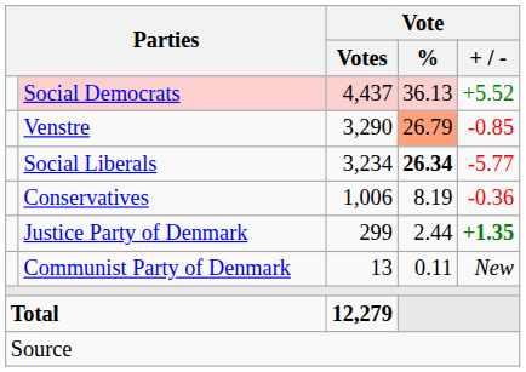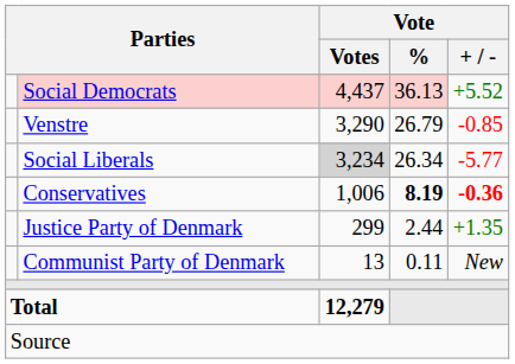 <table class="wikitable" style="text-align:right;">
 <tr>
 <th style="text-align:centre;" rowspan="2" colspan="2" width="225">Parties</th>
 <th colspan="3">Vote</th>
 </tr>
 <tr>
 <th width="15">Votes</th>
 <th width="15">%</th>
 <th width="15">+ / -</th>
 </tr>
 <tr>
 <td width="2" style="color:inherit;background:"></td>
 <td bgcolor=#fbd0ce  align="left"><a href='#'>Social Democrats</a></td>
 <td bgcolor=#fbd0ce>4,437</td>
 <td bgcolor=#fbd0ce>36.13</td>
 <td style=color:green;>+5.52</td>
 </tr>
 <tr>
 <td width="2" style="color:inherit;background:"></td>
 <td align="left"><a href='#'>Venstre</a></td>
 <td>3,290</td>
-<td style="background: lightsalmon;">26.79</td>
+<td>26.79</td>
 <td style=color:red;>-0.85</td>
 </tr>
 <tr>
 <td width="2" style="color:inherit;background:"></td>
 <td align="left"><a href='#'>Social Liberals</a></td>
-<td>3,234</td>
-<td><strong>26.34</strong></td>
+<td style="background: lightgrey;">3,234</td>
+<td>26.34</td>
 <td style=color:red;>-5.77</td>
 </tr>
 <tr>
 <td width="2" style="color:inherit;background:"></td>
 <td align="left"><a href='#'>Conservatives</a></td>
 <td>1,006</td>
-<td>8.19</td>
-<td style=color:red;>-0.36</td>
+<td><strong>8.19</strong></td>
+<td style=color:red;><strong>-0.36</strong></td>
 </tr>
 <tr>
 <td width="2" style="color:inherit;background:"></td>
 <td align="left"><a href='#'>Justice Party of Denmark</a></td>
 <td>299</td>
 <td>2.44</td>
-<td style=color:green;><strong>+1.35</strong></td>
+<td style=color:green;>+1.35</td>
 </tr>
 <tr>
 <td width="2" style="color:inherit;background:"></td>
 <td align="left"><a href='#'>Communist Party of Denmark</a></td>
 <td>13</td>
 <td>0.11</td>
 <td><em>New</em></td>
 </tr>
 <tr>
 <td colspan="7" bgcolor="#E9E9E9"></td>
 </tr>
 <tr>
 <td align="left" colspan="2"><strong>Total</strong></td>
 <td><strong>12,279</strong></td>
 <td bgcolor="#E9E9E9" colspan="2"></td>
 </tr>
 <tr>
 <td align="left" colspan="6">Source</td>
 </tr>
 </table>
